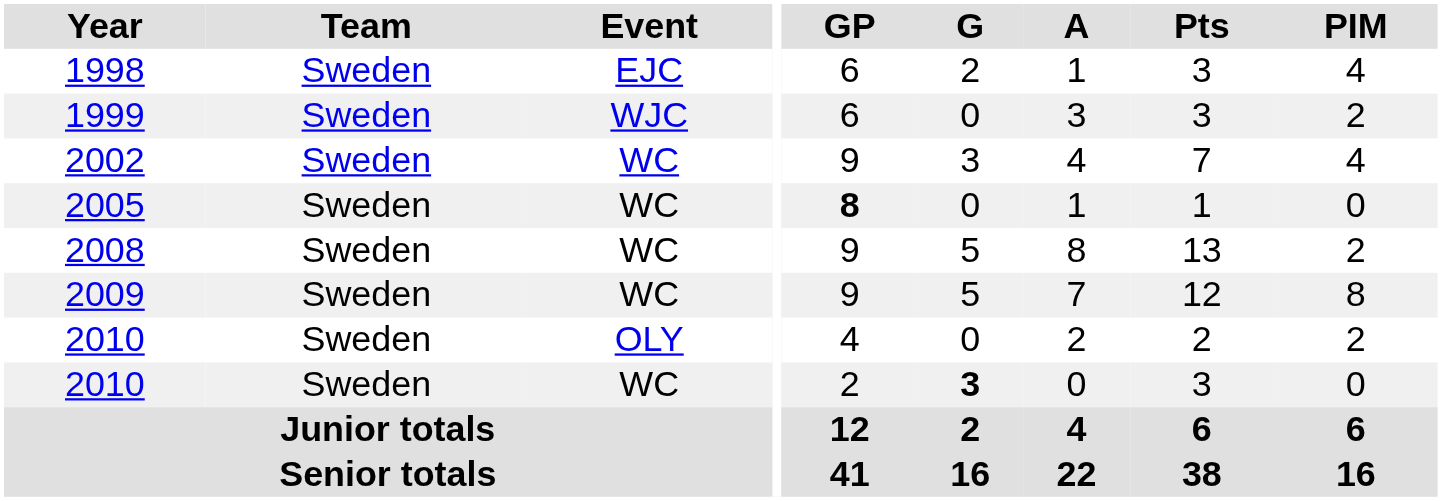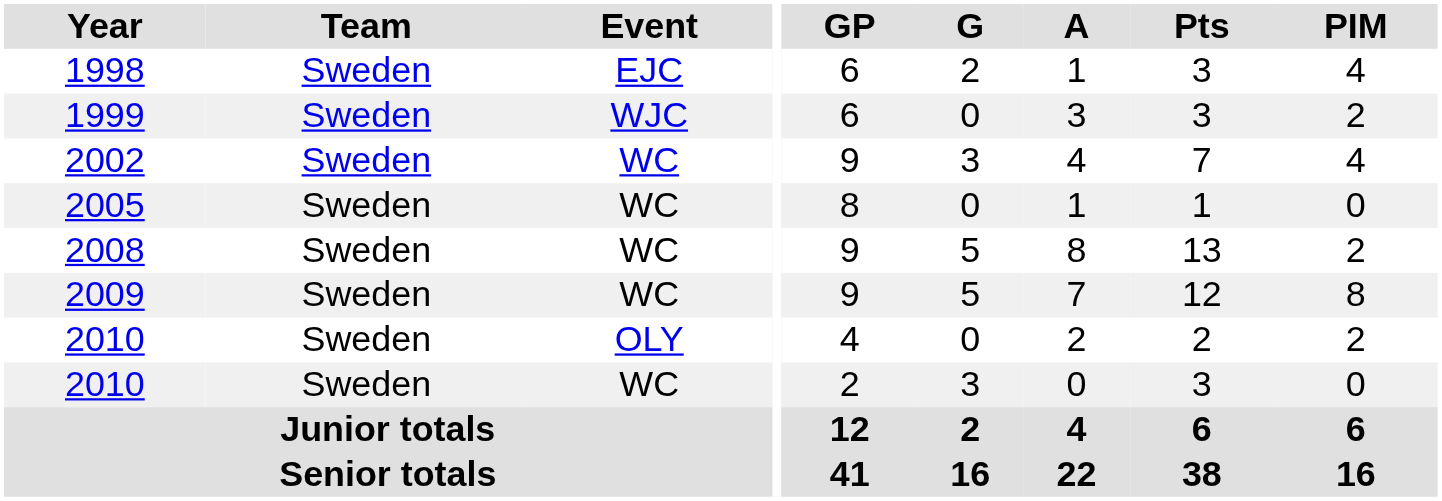 <table border="0" cellpadding="1" cellspacing="0" ID="Table3" style="text-align:center; width:40em">
 <tr bgcolor="#e0e0e0">
 <th>Year</th>
 <th>Team</th>
 <th>Event</th>
 <th rowspan="102" bgcolor="#ffffff"></th>
 <th>GP</th>
 <th>G</th>
 <th>A</th>
 <th>Pts</th>
 <th>PIM</th>
 </tr>
 <tr>
 <td><a href='#'>1998</a></td>
 <td><a href='#'>Sweden</a></td>
 <td><a href='#'>EJC</a></td>
 <td>6</td>
 <td>2</td>
 <td>1</td>
 <td>3</td>
 <td>4</td>
 </tr>
 <tr bgcolor="#f0f0f0">
 <td><a href='#'>1999</a></td>
 <td><a href='#'>Sweden</a></td>
 <td><a href='#'>WJC</a></td>
 <td>6</td>
 <td>0</td>
 <td>3</td>
 <td>3</td>
 <td>2</td>
 </tr>
 <tr>
 <td><a href='#'>2002</a></td>
 <td><a href='#'>Sweden</a></td>
 <td><a href='#'>WC</a></td>
 <td>9</td>
 <td>3</td>
 <td>4</td>
 <td>7</td>
 <td>4</td>
 </tr>
 <tr bgcolor="#f0f0f0">
 <td><a href='#'>2005</a></td>
 <td>Sweden</td>
 <td>WC</td>
-<td><strong>8</strong></td>
+<td>8</td>
 <td>0</td>
 <td>1</td>
 <td>1</td>
 <td>0</td>
 </tr>
 <tr>
 <td><a href='#'>2008</a></td>
 <td>Sweden</td>
 <td>WC</td>
 <td>9</td>
 <td>5</td>
 <td>8</td>
 <td>13</td>
 <td>2</td>
 </tr>
 <tr bgcolor="#f0f0f0">
 <td><a href='#'>2009</a></td>
 <td>Sweden</td>
 <td>WC</td>
 <td>9</td>
 <td>5</td>
 <td>7</td>
 <td>12</td>
 <td>8</td>
 </tr>
 <tr>
 <td><a href='#'>2010</a></td>
 <td>Sweden</td>
 <td><a href='#'>OLY</a></td>
 <td>4</td>
 <td>0</td>
 <td>2</td>
 <td>2</td>
 <td>2</td>
 </tr>
 <tr bgcolor="#f0f0f0">
 <td><a href='#'>2010</a></td>
 <td>Sweden</td>
 <td>WC</td>
 <td>2</td>
-<td><strong>3</strong></td>
+<td>3</td>
 <td>0</td>
 <td>3</td>
 <td>0</td>
 </tr>
 <tr bgcolor="#e0e0e0">
 <th colspan="3">Junior totals</th>
 <th>12</th>
 <th>2</th>
 <th>4</th>
 <th>6</th>
 <th>6</th>
 </tr>
 <tr bgcolor="#e0e0e0">
 <th colspan="3">Senior totals</th>
 <th>41</th>
 <th>16</th>
 <th>22</th>
 <th>38</th>
 <th>16</th>
 </tr>
 </table>
